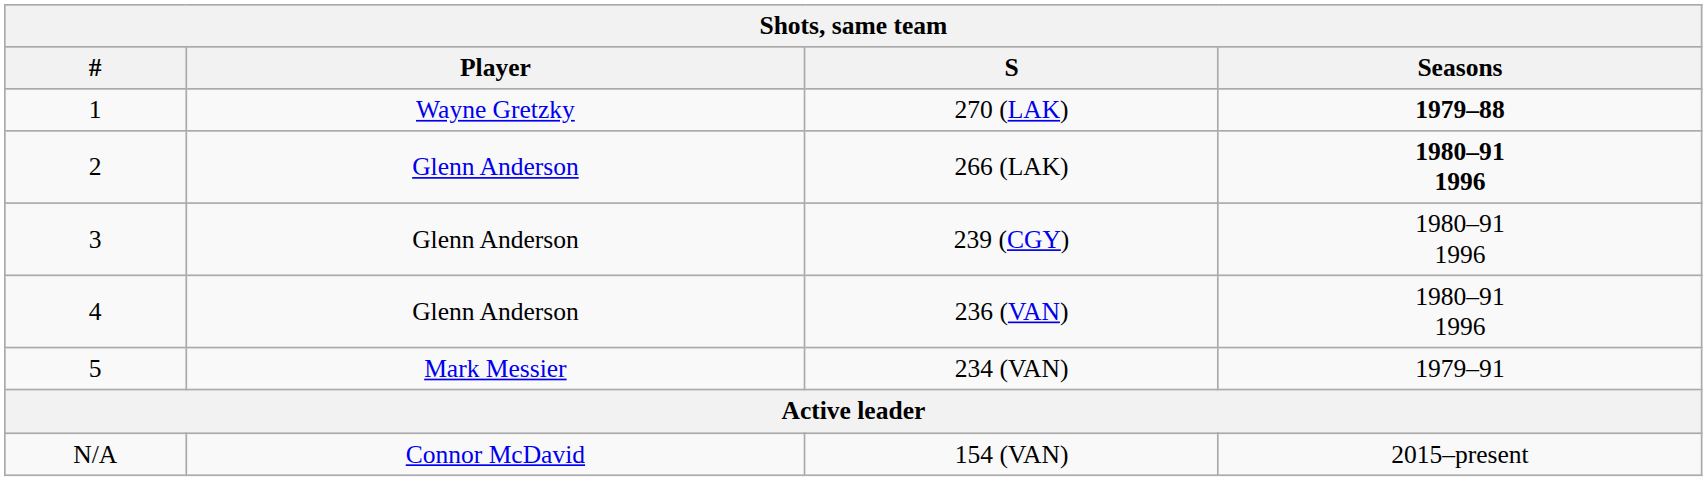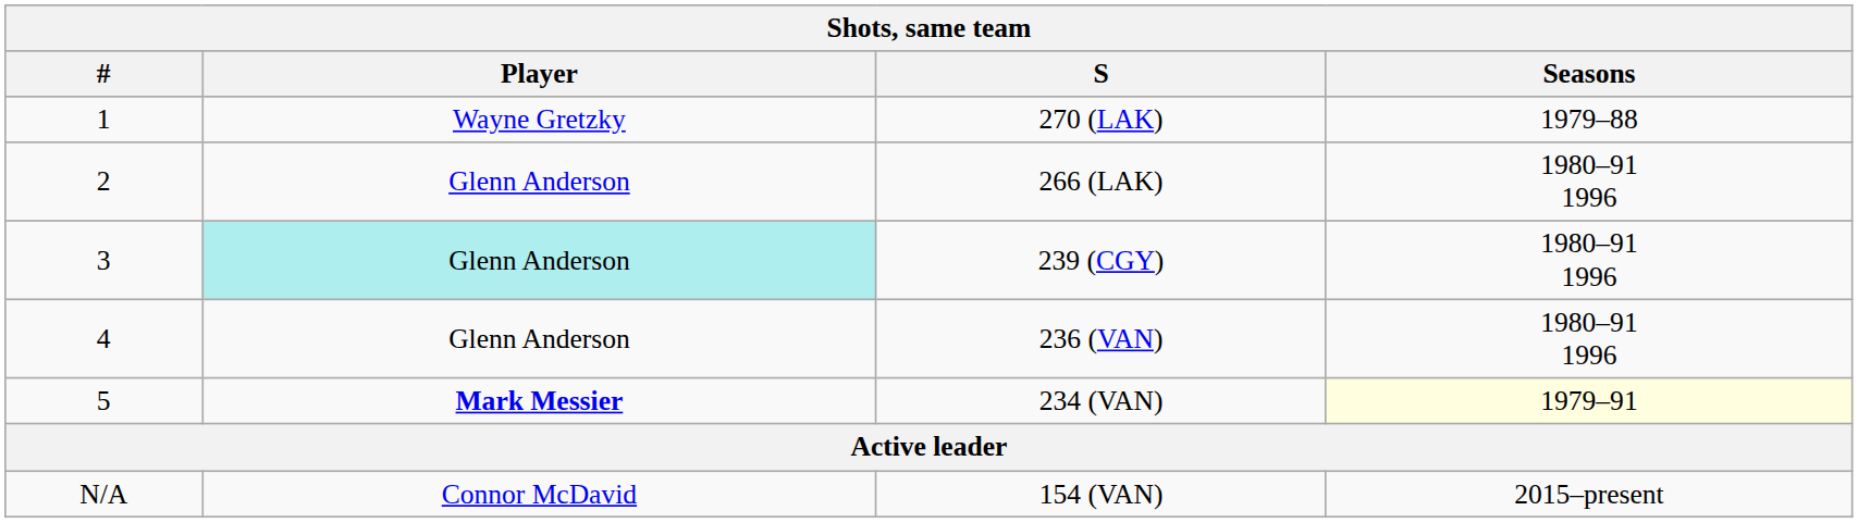 <table class="wikitable" style="text-align: center; font-size: 95%" width="80%">
 <tr>
 <th colspan="4">Shots, same team</th>
 </tr>
 <tr>
 <th>#</th>
 <th>Player</th>
 <th>S</th>
 <th>Seasons</th>
 </tr>
 <tr>
 <td>1</td>
 <td><a href='#'>Wayne Gretzky</a></td>
 <td>270 (<a href='#'>LAK</a>)</td>
-<td><strong>1979–88</strong></td>
+<td>1979–88</td>
 </tr>
 <tr>
 <td>2</td>
 <td><a href='#'>Glenn Anderson</a></td>
 <td>266 (LAK)</td>
-<td><strong>1980–91<br>1996</strong></td>
+<td>1980–91<br>1996</td>
 </tr>
 <tr>
 <td>3</td>
-<td>Glenn Anderson</td>
+<td style="background: paleturquoise;">Glenn Anderson</td>
 <td>239 (<a href='#'>CGY</a>)</td>
 <td>1980–91<br>1996</td>
 </tr>
 <tr>
 <td>4</td>
 <td>Glenn Anderson</td>
 <td>236 (<a href='#'>VAN</a>)</td>
 <td>1980–91<br>1996</td>
 </tr>
 <tr>
 <td>5</td>
-<td><a href='#'>Mark Messier</a></td>
+<td><strong><a href='#'>Mark Messier</a></strong></td>
 <td>234 (VAN)</td>
-<td>1979–91</td>
+<td style="background: lightyellow;">1979–91</td>
 </tr>
 <tr>
 <th colspan="4">Active leader</th>
 </tr>
 <tr>
 <td>N/A</td>
 <td><a href='#'>Connor McDavid</a></td>
 <td>154 (VAN)</td>
 <td>2015–present</td>
 </tr>
 </table>
